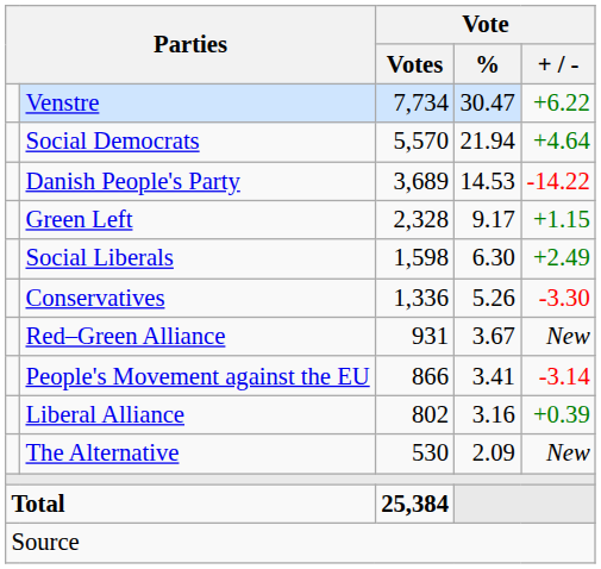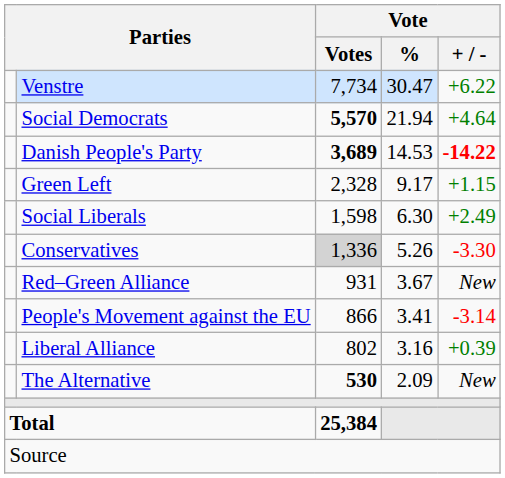 <table class="wikitable" style="text-align:right;">
 <tr>
 <th style="text-align:centre;" rowspan="2" colspan="2" width="225">Parties</th>
 <th colspan="3">Vote</th>
 </tr>
 <tr>
 <th width="15">Votes</th>
 <th width="15">%</th>
 <th width="15">+ / -</th>
 </tr>
 <tr>
 <td width="2" style="color:inherit;background:"></td>
 <td bgcolor=#cfe5fe   align="left"><a href='#'>Venstre</a></td>
 <td bgcolor=#cfe5fe>7,734</td>
 <td bgcolor=#cfe5fe>30.47</td>
 <td style=color:green;>+6.22</td>
 </tr>
 <tr>
 <td width="2" style="color:inherit;background:"></td>
 <td align="left"><a href='#'>Social Democrats</a></td>
-<td>5,570</td>
+<td><strong>5,570</strong></td>
 <td>21.94</td>
 <td style=color:green;>+4.64</td>
 </tr>
 <tr>
 <td width="2" style="color:inherit;background:"></td>
 <td align="left"><a href='#'>Danish People's Party</a></td>
-<td>3,689</td>
+<td><strong>3,689</strong></td>
 <td>14.53</td>
-<td style=color:red;>-14.22</td>
+<td style=color:red;><strong>-14.22</strong></td>
 </tr>
 <tr>
 <td width="2" style="color:inherit;background:"></td>
 <td align="left"><a href='#'>Green Left</a></td>
 <td>2,328</td>
 <td>9.17</td>
 <td style=color:green;>+1.15</td>
 </tr>
 <tr>
 <td width="2" style="color:inherit;background:"></td>
 <td align="left"><a href='#'>Social Liberals</a></td>
 <td>1,598</td>
 <td>6.30</td>
 <td style=color:green;>+2.49</td>
 </tr>
 <tr>
 <td width="2" style="color:inherit;background:"></td>
 <td align="left"><a href='#'>Conservatives</a></td>
-<td>1,336</td>
+<td style="background: lightgrey;">1,336</td>
 <td>5.26</td>
 <td style=color:red;>-3.30</td>
 </tr>
 <tr>
 <td width="2" style="color:inherit;background:"></td>
 <td align="left"><a href='#'>Red–Green Alliance</a></td>
 <td>931</td>
 <td>3.67</td>
 <td><em>New</em></td>
 </tr>
 <tr>
 <td width="2" style="color:inherit;background:"></td>
 <td align="left"><a href='#'>People's Movement against the EU</a></td>
 <td>866</td>
 <td>3.41</td>
 <td style=color:red;>-3.14</td>
 </tr>
 <tr>
 <td width="2" style="color:inherit;background:"></td>
 <td align="left"><a href='#'>Liberal Alliance</a></td>
 <td>802</td>
 <td>3.16</td>
 <td style=color:green;>+0.39</td>
 </tr>
 <tr>
 <td width="2" style="color:inherit;background:"></td>
 <td align="left"><a href='#'>The Alternative</a></td>
-<td>530</td>
+<td><strong>530</strong></td>
 <td>2.09</td>
 <td><em>New</em></td>
 </tr>
 <tr>
 <td colspan="7" bgcolor="#E9E9E9"></td>
 </tr>
 <tr>
 <td align="left" colspan="2"><strong>Total</strong></td>
 <td><strong>25,384</strong></td>
 <td bgcolor="#E9E9E9" colspan="2"></td>
 </tr>
 <tr>
 <td align="left" colspan="6">Source</td>
 </tr>
 </table>
